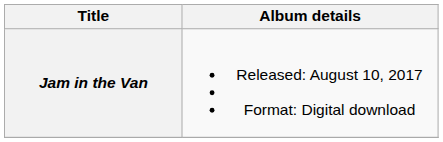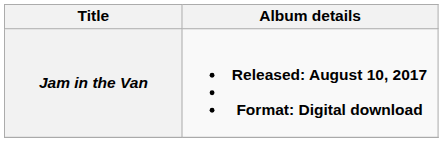 <table class="wikitable plainrowheaders" style="text-align:center;">
 <tr>
 <th scope="col" style="width:11em;">Title</th>
 <th scope="col" style="width:16em;">Album details</th>
 </tr>
 <tr>
 <th scope="row"><em>Jam in the Van</em></th>
-<td><br><ul><li>Released: August 10, 2017</li><li></li><li>Format: Digital download</li></ul></td>
+<td><strong><br><ul><li>Released: August 10, 2017</li><li></li><li>Format: Digital download</li></ul></strong></td>
 </tr>
 <tr>
 </tr>
 </table>
